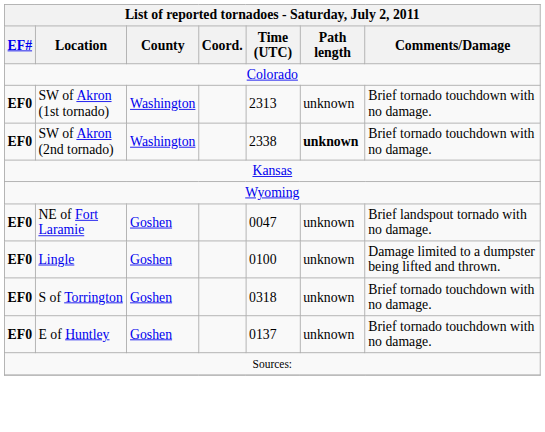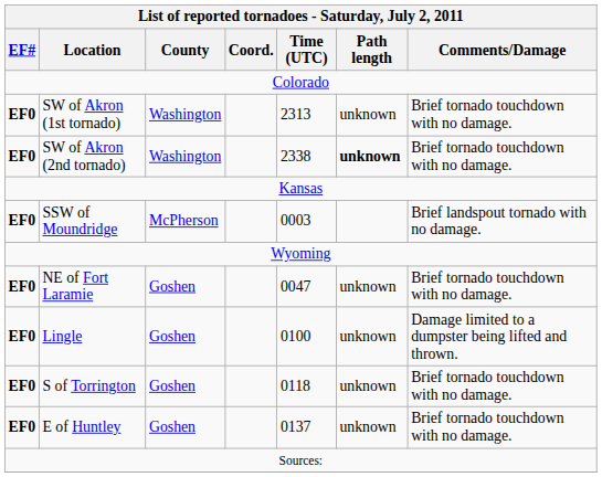 <table class="wikitable collapsible" width="100%">
 <tr>
 <th colspan="7">List of reported tornadoes - Saturday, July 2, 2011</th>
 </tr>
 <tr>
 <th><a href='#'>EF#</a></th>
 <th>Location</th>
 <th>County</th>
 <th>Coord.</th>
 <th>Time (UTC)</th>
 <th>Path length</th>
 <th>Comments/Damage</th>
 </tr>
 <tr>
 <td colspan="7" align=center><a href='#'>Colorado</a></td>
 </tr>
 <tr>
 <td><strong>EF0</strong></td>
 <td>SW of <a href='#'>Akron</a> (1st tornado)</td>
 <td><a href='#'>Washington</a></td>
 <td></td>
 <td>2313</td>
 <td>unknown</td>
 <td>Brief tornado touchdown with no damage.</td>
 </tr>
 <tr>
 <td><strong>EF0</strong></td>
 <td>SW of <a href='#'>Akron</a> (2nd tornado)</td>
 <td><a href='#'>Washington</a></td>
 <td></td>
 <td>2338</td>
 <td><strong>unknown</strong></td>
 <td>Brief tornado touchdown with no damage.</td>
 </tr>
 <tr>
 <td colspan="7" align=center><a href='#'>Kansas</a></td>
 </tr>
 <tr>
+<td><strong>EF0</strong></td>
+<td>SSW of <a href='#'>Moundridge</a></td>
+<td><a href='#'>McPherson</a></td>
+<td></td>
+<td>0003</td>
+<td></td>
+<td>Brief landspout tornado with no damage.</td>
+</tr>
+<tr>
 <td colspan="7" align=center><a href='#'>Wyoming</a></td>
 </tr>
 <tr>
 <td><strong>EF0</strong></td>
 <td>NE of <a href='#'>Fort Laramie</a></td>
 <td><a href='#'>Goshen</a></td>
 <td></td>
 <td>0047</td>
 <td>unknown</td>
-<td>Brief landspout tornado with no damage.</td>
+<td>Brief tornado touchdown with no damage.</td>
 </tr>
 <tr>
 <td><strong>EF0</strong></td>
 <td><a href='#'>Lingle</a></td>
 <td><a href='#'>Goshen</a></td>
 <td></td>
 <td>0100</td>
 <td>unknown</td>
 <td>Damage limited to a dumpster being lifted and thrown.</td>
 </tr>
 <tr>
 <td><strong>EF0</strong></td>
 <td>S of <a href='#'>Torrington</a></td>
 <td><a href='#'>Goshen</a></td>
 <td></td>
-<td>0318</td>
+<td>0118</td>
 <td>unknown</td>
 <td>Brief tornado touchdown with no damage.</td>
 </tr>
 <tr>
 <td><strong>EF0</strong></td>
 <td>E of <a href='#'>Huntley</a></td>
 <td><a href='#'>Goshen</a></td>
 <td></td>
 <td>0137</td>
 <td>unknown</td>
 <td>Brief tornado touchdown with no damage.</td>
 </tr>
 <tr>
 <td colspan="7" align=center><small>Sources: </small></td>
 </tr>
 <tr>
 </tr>
 </table>
